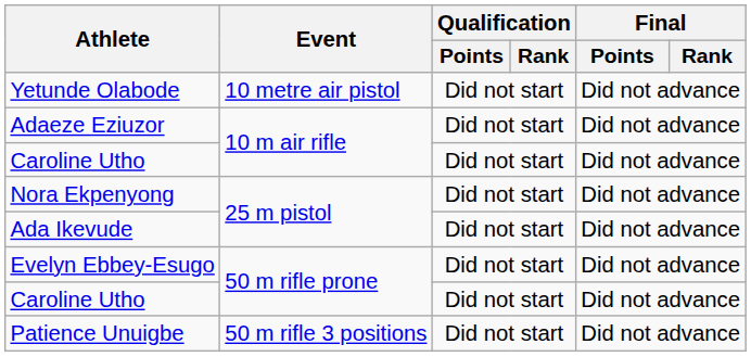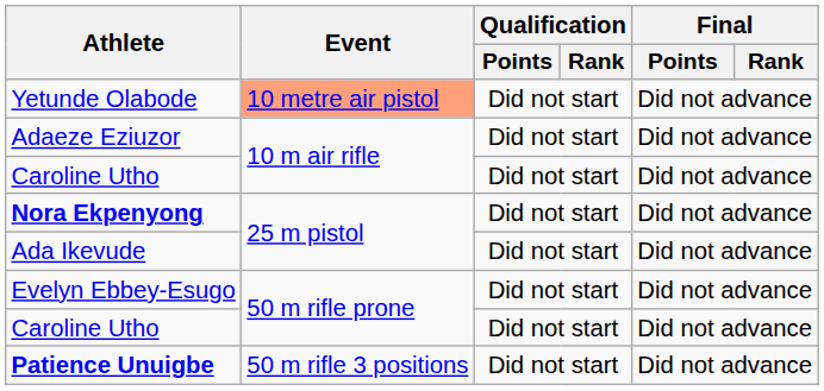 <table class="wikitable" style="font-size:90%">
 <tr>
 <th rowspan=2>Athlete</th>
 <th rowspan=2>Event</th>
 <th colspan=2>Qualification</th>
 <th colspan=2>Final</th>
 </tr>
 <tr style="font-size:95%">
 <th>Points</th>
 <th>Rank</th>
 <th>Points</th>
 <th>Rank</th>
 </tr>
 <tr align=center>
 <td align=left><a href='#'>Yetunde Olabode</a></td>
-<td align=left><a href='#'>10 metre air pistol</a></td>
+<td align=left style="background: lightsalmon;"><a href='#'>10 metre air pistol</a></td>
 <td colspan=2>Did not start</td>
 <td colspan=2>Did not advance</td>
 </tr>
 <tr align=center>
 <td align=left><a href='#'>Adaeze Eziuzor</a></td>
 <td style="text-align:left;" rowspan="2"><a href='#'>10 m air rifle</a></td>
 <td colspan=2>Did not start</td>
 <td colspan=2>Did not advance</td>
 </tr>
 <tr align=center>
 <td align=left><a href='#'>Caroline Utho</a></td>
 <td colspan=2>Did not start</td>
 <td colspan=2>Did not advance</td>
 </tr>
 <tr align=center>
-<td align=left><a href='#'>Nora Ekpenyong</a></td>
+<td align=left><strong><a href='#'>Nora Ekpenyong</a></strong></td>
 <td style="text-align:left;" rowspan="2"><a href='#'>25 m pistol</a></td>
 <td colspan=2>Did not start</td>
 <td colspan=2>Did not advance</td>
 </tr>
 <tr align=center>
 <td align=left><a href='#'>Ada Ikevude</a></td>
 <td colspan=2>Did not start</td>
 <td colspan=2>Did not advance</td>
 </tr>
 <tr align=center>
 <td align=left><a href='#'>Evelyn Ebbey-Esugo</a></td>
 <td style="text-align:left;" rowspan="2"><a href='#'>50 m rifle prone</a></td>
 <td colspan=2>Did not start</td>
 <td colspan=2>Did not advance</td>
 </tr>
 <tr align=center>
 <td align=left><a href='#'>Caroline Utho</a></td>
 <td colspan=2>Did not start</td>
 <td colspan=2>Did not advance</td>
 </tr>
 <tr align=center>
-<td align=left><a href='#'>Patience Unuigbe</a></td>
+<td align=left><strong><a href='#'>Patience Unuigbe</a></strong></td>
 <td style="text-align:left;"><a href='#'>50 m rifle 3 positions</a></td>
 <td colspan=2>Did not start</td>
 <td colspan=2>Did not advance</td>
 </tr>
 </table>
